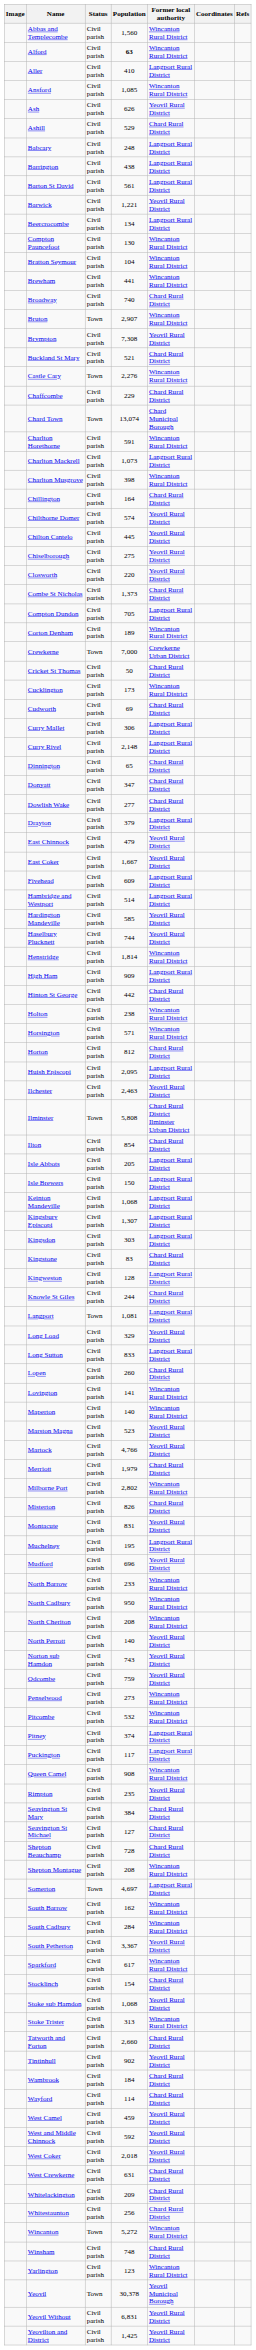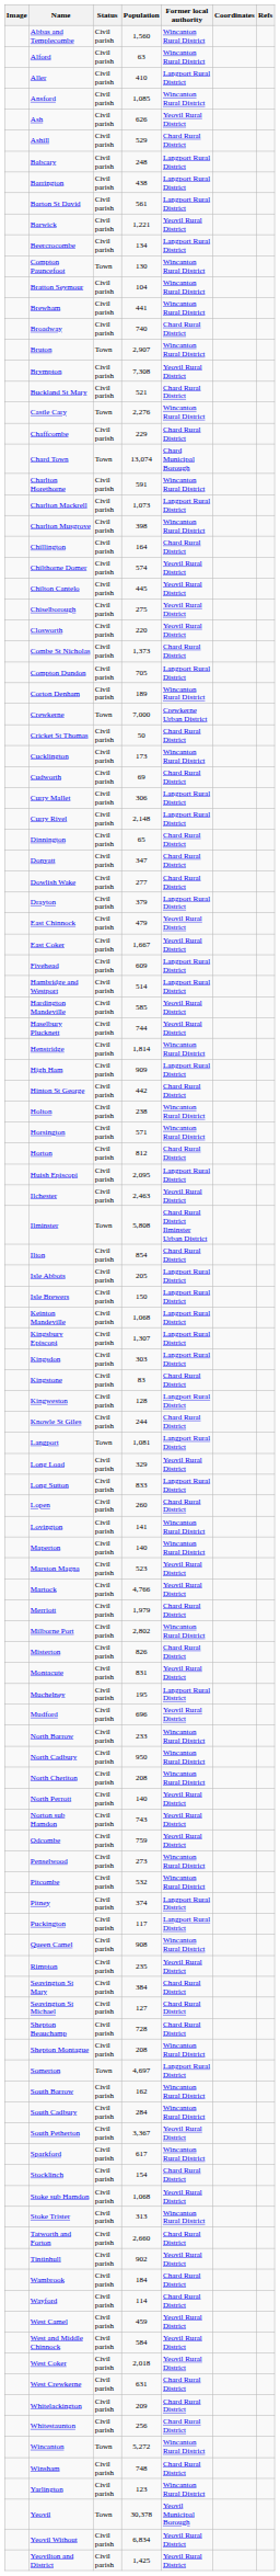 <table class="wikitable sortable" style="width:90%;">
 <tr>
 <th class="unsortable">Image</th>
 <th>Name</th>
 <th>Status</th>
 <th>Population</th>
 <th>Former local authority</th>
 <th class="unsortable">Coordinates</th>
 <th class="unsortable">Refs</th>
 </tr>
 <tr>
 <td></td>
 <td><a href='#'>Abbas and Templecombe</a></td>
 <td>Civil parish</td>
 <td style="text-align:center;">1,560</td>
 <td><a href='#'>Wincanton Rural District</a></td>
 <td></td>
 <td></td>
 </tr>
 <tr>
 <td></td>
 <td><a href='#'>Alford</a></td>
 <td>Civil parish</td>
-<td style="text-align:center;"><strong>63</strong></td>
+<td style="text-align:center;">63</td>
 <td><a href='#'>Wincanton Rural District</a></td>
 <td></td>
 <td></td>
 </tr>
 <tr>
 <td></td>
 <td><a href='#'>Aller</a></td>
 <td>Civil parish</td>
 <td style="text-align:center;">410</td>
 <td><a href='#'>Langport Rural District</a></td>
 <td></td>
 <td></td>
 </tr>
 <tr>
 <td></td>
 <td><a href='#'>Ansford</a></td>
 <td>Civil parish</td>
 <td style="text-align:center;">1,085</td>
 <td><a href='#'>Wincanton Rural District</a></td>
 <td></td>
 <td></td>
 </tr>
 <tr>
 <td></td>
 <td><a href='#'>Ash</a></td>
 <td>Civil parish</td>
 <td style="text-align:center;">626</td>
 <td><a href='#'>Yeovil Rural District</a></td>
 <td></td>
 <td></td>
 </tr>
 <tr>
 <td></td>
 <td><a href='#'>Ashill</a></td>
 <td>Civil parish</td>
 <td style="text-align:center;">529</td>
 <td><a href='#'>Chard Rural District</a></td>
 <td></td>
 <td></td>
 </tr>
 <tr>
 <td></td>
 <td><a href='#'>Babcary</a></td>
 <td>Civil parish</td>
 <td style="text-align:center;">248</td>
 <td><a href='#'>Langport Rural District</a></td>
 <td></td>
 <td></td>
 </tr>
 <tr>
 <td></td>
 <td><a href='#'>Barrington</a></td>
 <td>Civil parish</td>
 <td style="text-align:center;">438</td>
 <td><a href='#'>Langport Rural District</a></td>
 <td></td>
 <td></td>
 </tr>
 <tr>
 <td></td>
 <td><a href='#'>Barton St David</a></td>
 <td>Civil parish</td>
 <td style="text-align:center;">561</td>
 <td><a href='#'>Langport Rural District</a></td>
 <td></td>
 <td></td>
 </tr>
 <tr>
 <td></td>
 <td><a href='#'>Barwick</a></td>
 <td>Civil parish</td>
 <td style="text-align:center;">1,221</td>
 <td><a href='#'>Yeovil Rural District</a></td>
 <td></td>
 <td></td>
 </tr>
 <tr>
 <td></td>
 <td><a href='#'>Beercrocombe</a></td>
 <td>Civil parish</td>
 <td style="text-align:center;">134</td>
 <td><a href='#'>Langport Rural District</a></td>
 <td></td>
 <td></td>
 </tr>
 <tr>
 <td></td>
 <td><a href='#'>Compton Pauncefoot</a></td>
-<td>Civil parish</td>
+<td>Town</td>
 <td style="text-align:center;">130</td>
 <td><a href='#'>Wincanton Rural District</a></td>
 <td></td>
 <td></td>
 </tr>
 <tr>
 <td></td>
 <td><a href='#'>Bratton Seymour</a></td>
 <td>Civil parish</td>
 <td style="text-align:center;">104</td>
 <td><a href='#'>Wincanton Rural District</a></td>
 <td></td>
 <td></td>
 </tr>
 <tr>
 <td></td>
 <td><a href='#'>Brewham</a></td>
 <td>Civil parish</td>
 <td style="text-align:center;">441</td>
 <td><a href='#'>Wincanton Rural District</a></td>
 <td></td>
 <td></td>
 </tr>
 <tr>
 <td></td>
 <td><a href='#'>Broadway</a></td>
 <td>Civil parish</td>
 <td style="text-align:center;">740</td>
 <td><a href='#'>Chard Rural District</a></td>
 <td></td>
 <td></td>
 </tr>
 <tr>
 <td></td>
 <td><a href='#'>Bruton</a></td>
 <td>Town</td>
 <td style="text-align:center;">2,907</td>
 <td><a href='#'>Wincanton Rural District</a></td>
 <td></td>
 <td></td>
 </tr>
 <tr>
 <td></td>
 <td><a href='#'>Brympton</a></td>
 <td>Civil parish</td>
 <td style="text-align:center;">7,308</td>
 <td><a href='#'>Yeovil Rural District</a></td>
 <td></td>
 <td></td>
 </tr>
 <tr>
 <td></td>
 <td><a href='#'>Buckland St Mary</a></td>
 <td>Civil parish</td>
 <td style="text-align:center;">521</td>
 <td><a href='#'>Chard Rural District</a></td>
 <td></td>
 <td></td>
 </tr>
 <tr>
 <td></td>
 <td><a href='#'>Castle Cary</a></td>
 <td>Town</td>
 <td style="text-align:center;">2,276</td>
 <td><a href='#'>Wincanton Rural District</a></td>
 <td></td>
 <td></td>
 </tr>
 <tr>
 <td></td>
 <td><a href='#'>Chaffcombe</a></td>
 <td>Civil parish</td>
 <td style="text-align:center;">229</td>
 <td><a href='#'>Chard Rural District</a></td>
 <td></td>
 <td></td>
 </tr>
 <tr>
 <td></td>
 <td><a href='#'>Chard Town</a></td>
 <td>Town</td>
 <td style="text-align:center;">13,074</td>
 <td><a href='#'>Chard Municipal Borough</a></td>
 <td></td>
 <td></td>
 </tr>
 <tr>
 <td></td>
 <td><a href='#'>Charlton Horethorne</a></td>
 <td>Civil parish</td>
 <td style="text-align:center;">591</td>
 <td><a href='#'>Wincanton Rural District</a></td>
 <td></td>
 <td></td>
 </tr>
 <tr>
 <td></td>
 <td><a href='#'>Charlton Mackrell</a></td>
 <td>Civil parish</td>
 <td style="text-align:center;">1,073</td>
 <td><a href='#'>Langport Rural District</a></td>
 <td></td>
 <td></td>
 </tr>
 <tr>
 <td></td>
 <td><a href='#'>Charlton Musgrove</a></td>
 <td>Civil parish</td>
 <td style="text-align:center;">398</td>
 <td><a href='#'>Wincanton Rural District</a></td>
 <td></td>
 <td></td>
 </tr>
 <tr>
 <td></td>
 <td><a href='#'>Chillington</a></td>
 <td>Civil parish</td>
 <td style="text-align:center;">164</td>
 <td><a href='#'>Chard Rural District</a></td>
 <td></td>
 <td></td>
 </tr>
 <tr>
 <td></td>
 <td><a href='#'>Chilthorne Domer</a></td>
 <td>Civil parish</td>
 <td style="text-align:center;">574</td>
 <td><a href='#'>Yeovil Rural District</a></td>
 <td></td>
 <td></td>
 </tr>
 <tr>
 <td></td>
 <td><a href='#'>Chilton Cantelo</a></td>
 <td>Civil parish</td>
 <td style="text-align:center;">445</td>
 <td><a href='#'>Yeovil Rural District</a></td>
 <td></td>
 <td></td>
 </tr>
 <tr>
 <td></td>
 <td><a href='#'>Chiselborough</a></td>
 <td>Civil parish</td>
 <td style="text-align:center;">275</td>
 <td><a href='#'>Yeovil Rural District</a></td>
 <td></td>
 <td></td>
 </tr>
 <tr>
 <td></td>
 <td><a href='#'>Closworth</a></td>
 <td>Civil parish</td>
 <td style="text-align:center;">220</td>
 <td><a href='#'>Yeovil Rural District</a></td>
 <td></td>
 <td></td>
 </tr>
 <tr>
 <td></td>
 <td><a href='#'>Combe St Nicholas</a></td>
 <td>Civil parish</td>
 <td style="text-align:center;">1,373</td>
 <td><a href='#'>Chard Rural District</a></td>
 <td></td>
 <td></td>
 </tr>
 <tr>
 <td></td>
 <td><a href='#'>Compton Dundon</a></td>
 <td>Civil parish</td>
 <td style="text-align:center;">705</td>
 <td><a href='#'>Langport Rural District</a></td>
 <td></td>
 <td></td>
 </tr>
 <tr>
 <td></td>
 <td><a href='#'>Corton Denham</a></td>
 <td>Civil parish</td>
 <td style="text-align:center;">189</td>
 <td><a href='#'>Wincanton Rural District</a></td>
 <td></td>
 <td></td>
 </tr>
 <tr>
 <td></td>
 <td><a href='#'>Crewkerne</a></td>
 <td>Town</td>
 <td style="text-align:center;">7,000</td>
 <td><a href='#'>Crewkerne Urban District</a></td>
 <td></td>
 <td></td>
 </tr>
 <tr>
 <td></td>
 <td><a href='#'>Cricket St Thomas</a></td>
 <td>Civil parish</td>
 <td style="text-align:center;">50</td>
 <td><a href='#'>Chard Rural District</a></td>
 <td></td>
 <td></td>
 </tr>
 <tr>
 <td></td>
 <td><a href='#'>Cucklington</a></td>
 <td>Civil parish</td>
 <td style="text-align:center;">173</td>
 <td><a href='#'>Wincanton Rural District</a></td>
 <td></td>
 <td></td>
 </tr>
 <tr>
 <td></td>
 <td><a href='#'>Cudworth</a></td>
 <td>Civil parish</td>
 <td style="text-align:center;">69</td>
 <td><a href='#'>Chard Rural District</a></td>
 <td></td>
 <td></td>
 </tr>
 <tr>
 <td></td>
 <td><a href='#'>Curry Mallet</a></td>
 <td>Civil parish</td>
 <td style="text-align:center;">306</td>
 <td><a href='#'>Langport Rural District</a></td>
 <td></td>
 <td></td>
 </tr>
 <tr>
 <td></td>
 <td><a href='#'>Curry Rivel</a></td>
 <td>Civil parish</td>
 <td style="text-align:center;">2,148</td>
 <td><a href='#'>Langport Rural District</a></td>
 <td></td>
 <td></td>
 </tr>
 <tr>
 <td></td>
 <td><a href='#'>Dinnington</a></td>
 <td>Civil parish</td>
 <td style="text-align:center;">65</td>
 <td><a href='#'>Chard Rural District</a></td>
 <td></td>
 <td></td>
 </tr>
 <tr>
 <td></td>
 <td><a href='#'>Donyatt</a></td>
 <td>Civil parish</td>
 <td style="text-align:center;">347</td>
 <td><a href='#'>Chard Rural District</a></td>
 <td></td>
 <td></td>
 </tr>
 <tr>
 <td></td>
 <td><a href='#'>Dowlish Wake</a></td>
 <td>Civil parish</td>
 <td style="text-align:center;">277</td>
 <td><a href='#'>Chard Rural District</a></td>
 <td></td>
 <td></td>
 </tr>
 <tr>
 <td></td>
 <td><a href='#'>Drayton</a></td>
 <td>Civil parish</td>
 <td style="text-align:center;">379</td>
 <td><a href='#'>Langport Rural District</a></td>
 <td></td>
 <td></td>
 </tr>
 <tr>
 <td></td>
 <td><a href='#'>East Chinnock</a></td>
 <td>Civil parish</td>
 <td style="text-align:center;">479</td>
 <td><a href='#'>Yeovil Rural District</a></td>
 <td></td>
 <td></td>
 </tr>
 <tr>
 <td></td>
 <td><a href='#'>East Coker</a></td>
 <td>Civil parish</td>
 <td style="text-align:center;">1,667</td>
 <td><a href='#'>Yeovil Rural District</a></td>
 <td></td>
 <td></td>
 </tr>
 <tr>
 <td></td>
 <td><a href='#'>Fivehead</a></td>
 <td>Civil parish</td>
 <td style="text-align:center;">609</td>
 <td><a href='#'>Langport Rural District</a></td>
 <td></td>
 <td></td>
 </tr>
 <tr>
 <td></td>
 <td><a href='#'>Hambridge and Westport</a></td>
 <td>Civil parish</td>
 <td style="text-align:center;">514</td>
 <td><a href='#'>Langport Rural District</a></td>
 <td></td>
 <td></td>
 </tr>
 <tr>
 <td></td>
 <td><a href='#'>Hardington Mandeville</a></td>
 <td>Civil parish</td>
 <td style="text-align:center;">585</td>
 <td><a href='#'>Yeovil Rural District</a></td>
 <td></td>
 <td></td>
 </tr>
 <tr>
 <td></td>
 <td><a href='#'>Haselbury Plucknett</a></td>
 <td>Civil parish</td>
 <td style="text-align:center;">744</td>
 <td><a href='#'>Yeovil Rural District</a></td>
 <td></td>
 <td></td>
 </tr>
 <tr>
 <td></td>
 <td><a href='#'>Henstridge</a></td>
 <td>Civil parish</td>
 <td style="text-align:center;">1,814</td>
 <td><a href='#'>Wincanton Rural District</a></td>
 <td></td>
 <td></td>
 </tr>
 <tr>
 <td></td>
 <td><a href='#'>High Ham</a></td>
 <td>Civil parish</td>
 <td style="text-align:center;">909</td>
 <td><a href='#'>Langport Rural District</a></td>
 <td></td>
 <td></td>
 </tr>
 <tr>
 <td></td>
 <td><a href='#'>Hinton St George</a></td>
 <td>Civil parish</td>
 <td style="text-align:center;">442</td>
 <td><a href='#'>Chard Rural District</a></td>
 <td></td>
 <td></td>
 </tr>
 <tr>
 <td></td>
 <td><a href='#'>Holton</a></td>
 <td>Civil parish</td>
 <td style="text-align:center;">238</td>
 <td><a href='#'>Wincanton Rural District</a></td>
 <td></td>
 <td></td>
 </tr>
 <tr>
 <td></td>
 <td><a href='#'>Horsington</a></td>
 <td>Civil parish</td>
 <td style="text-align:center;">571</td>
 <td><a href='#'>Wincanton Rural District</a></td>
 <td></td>
 <td></td>
 </tr>
 <tr>
 <td></td>
 <td><a href='#'>Horton</a></td>
 <td>Civil parish</td>
 <td style="text-align:center;">812</td>
 <td><a href='#'>Chard Rural District</a></td>
 <td></td>
 <td></td>
 </tr>
 <tr>
 <td></td>
 <td><a href='#'>Huish Episcopi</a></td>
 <td>Civil parish</td>
 <td style="text-align:center;">2,095</td>
 <td><a href='#'>Langport Rural District</a></td>
 <td></td>
 <td></td>
 </tr>
 <tr>
 <td></td>
 <td><a href='#'>Ilchester</a></td>
 <td>Civil parish</td>
 <td style="text-align:center;">2,463</td>
 <td><a href='#'>Yeovil Rural District</a></td>
 <td></td>
 <td></td>
 </tr>
 <tr>
 <td></td>
 <td><a href='#'>Ilminster</a></td>
 <td>Town</td>
 <td style="text-align:center;">5,808</td>
 <td><a href='#'>Chard Rural District</a><br><a href='#'>Ilminster Urban District</a></td>
 <td></td>
 <td></td>
 </tr>
 <tr>
 <td></td>
 <td><a href='#'>Ilton</a></td>
 <td>Civil parish</td>
 <td style="text-align:center;">854</td>
 <td><a href='#'>Chard Rural District</a></td>
 <td></td>
 <td></td>
 </tr>
 <tr>
 <td></td>
 <td><a href='#'>Isle Abbots</a></td>
 <td>Civil parish</td>
 <td style="text-align:center;">205</td>
 <td><a href='#'>Langport Rural District</a></td>
 <td></td>
 <td></td>
 </tr>
 <tr>
 <td></td>
 <td><a href='#'>Isle Brewers</a></td>
 <td>Civil parish</td>
 <td style="text-align:center;">150</td>
 <td><a href='#'>Langport Rural District</a></td>
 <td></td>
 <td></td>
 </tr>
 <tr>
 <td></td>
 <td><a href='#'>Keinton Mandeville</a></td>
 <td>Civil parish</td>
 <td style="text-align:center;">1,068</td>
 <td><a href='#'>Langport Rural District</a></td>
 <td></td>
 <td></td>
 </tr>
 <tr>
 <td></td>
 <td><a href='#'>Kingsbury Episcopi</a></td>
 <td>Civil parish</td>
 <td style="text-align:center;">1,307</td>
 <td><a href='#'>Langport Rural District</a></td>
 <td></td>
 <td></td>
 </tr>
 <tr>
 <td></td>
 <td><a href='#'>Kingsdon</a></td>
 <td>Civil parish</td>
 <td style="text-align:center;">303</td>
 <td><a href='#'>Langport Rural District</a></td>
 <td></td>
 <td></td>
 </tr>
 <tr>
 <td></td>
 <td><a href='#'>Kingstone</a></td>
 <td>Civil parish</td>
 <td style="text-align:center;">83</td>
 <td><a href='#'>Chard Rural District</a></td>
 <td></td>
 <td></td>
 </tr>
 <tr>
 <td></td>
 <td><a href='#'>Kingweston</a></td>
 <td>Civil parish</td>
 <td style="text-align:center;">128</td>
 <td><a href='#'>Langport Rural District</a></td>
 <td></td>
 <td></td>
 </tr>
 <tr>
 <td></td>
 <td><a href='#'>Knowle St Giles</a></td>
 <td>Civil parish</td>
 <td style="text-align:center;">244</td>
 <td><a href='#'>Chard Rural District</a></td>
 <td></td>
 <td></td>
 </tr>
 <tr>
 <td></td>
 <td><a href='#'>Langport</a></td>
 <td>Town</td>
 <td style="text-align:center;">1,081</td>
 <td><a href='#'>Langport Rural District</a></td>
 <td></td>
 <td></td>
 </tr>
 <tr>
 <td></td>
 <td><a href='#'>Long Load</a></td>
 <td>Civil parish</td>
 <td style="text-align:center;">329</td>
 <td><a href='#'>Yeovil Rural District</a></td>
 <td></td>
 <td></td>
 </tr>
 <tr>
 <td></td>
 <td><a href='#'>Long Sutton</a></td>
 <td>Civil parish</td>
 <td style="text-align:center;">833</td>
 <td><a href='#'>Langport Rural District</a></td>
 <td></td>
 <td></td>
 </tr>
 <tr>
 <td></td>
 <td><a href='#'>Lopen</a></td>
 <td>Civil parish</td>
 <td style="text-align:center;">260</td>
 <td><a href='#'>Chard Rural District</a></td>
 <td></td>
 <td></td>
 </tr>
 <tr>
 <td></td>
 <td><a href='#'>Lovington</a></td>
 <td>Civil parish</td>
 <td style="text-align:center;">141</td>
 <td><a href='#'>Wincanton Rural District</a></td>
 <td></td>
 <td></td>
 </tr>
 <tr>
 <td></td>
 <td><a href='#'>Maperton</a></td>
 <td>Civil parish</td>
 <td style="text-align:center;">140</td>
 <td><a href='#'>Wincanton Rural District</a></td>
 <td></td>
 <td></td>
 </tr>
 <tr>
 <td></td>
 <td><a href='#'>Marston Magna</a></td>
 <td>Civil parish</td>
 <td style="text-align:center;">523</td>
 <td><a href='#'>Yeovil Rural District</a></td>
 <td></td>
 <td></td>
 </tr>
 <tr>
 <td></td>
 <td><a href='#'>Martock</a></td>
 <td>Civil parish</td>
 <td style="text-align:center;">4,766</td>
 <td><a href='#'>Yeovil Rural District</a></td>
 <td></td>
 <td></td>
 </tr>
 <tr>
 <td></td>
 <td><a href='#'>Merriott</a></td>
 <td>Civil parish</td>
 <td style="text-align:center;">1,979</td>
 <td><a href='#'>Chard Rural District</a></td>
 <td></td>
 <td></td>
 </tr>
 <tr>
 <td></td>
 <td><a href='#'>Milborne Port</a></td>
 <td>Civil parish</td>
 <td style="text-align:center;">2,802</td>
 <td><a href='#'>Wincanton Rural District</a></td>
 <td></td>
 <td></td>
 </tr>
 <tr>
 <td></td>
 <td><a href='#'>Misterton</a></td>
 <td>Civil parish</td>
 <td style="text-align:center;">826</td>
 <td><a href='#'>Chard Rural District</a></td>
 <td></td>
 <td></td>
 </tr>
 <tr>
 <td></td>
 <td><a href='#'>Montacute</a></td>
 <td>Civil parish</td>
 <td style="text-align:center;">831</td>
 <td><a href='#'>Yeovil Rural District</a></td>
 <td></td>
 <td></td>
 </tr>
 <tr>
 <td></td>
 <td><a href='#'>Muchelney</a></td>
 <td>Civil parish</td>
 <td style="text-align:center;">195</td>
 <td><a href='#'>Langport Rural District</a></td>
 <td></td>
 <td></td>
 </tr>
 <tr>
 <td></td>
 <td><a href='#'>Mudford</a></td>
 <td>Civil parish</td>
 <td style="text-align:center;">696</td>
 <td><a href='#'>Yeovil Rural District</a></td>
 <td></td>
 <td></td>
 </tr>
 <tr>
 <td></td>
 <td><a href='#'>North Barrow</a></td>
 <td>Civil parish</td>
 <td style="text-align:center;">233</td>
 <td><a href='#'>Wincanton Rural District</a></td>
 <td></td>
 <td></td>
 </tr>
 <tr>
 <td></td>
 <td><a href='#'>North Cadbury</a></td>
 <td>Civil parish</td>
 <td style="text-align:center;">950</td>
 <td><a href='#'>Wincanton Rural District</a></td>
 <td></td>
 <td></td>
 </tr>
 <tr>
 <td></td>
 <td><a href='#'>North Cheriton</a></td>
 <td>Civil parish</td>
 <td style="text-align:center;">208</td>
 <td><a href='#'>Wincanton Rural District</a></td>
 <td></td>
 <td></td>
 </tr>
 <tr>
 <td></td>
 <td><a href='#'>North Perrott</a></td>
 <td>Civil parish</td>
 <td style="text-align:center;">140</td>
 <td><a href='#'>Yeovil Rural District</a></td>
 <td></td>
 <td></td>
 </tr>
 <tr>
 <td></td>
 <td><a href='#'>Norton sub Hamdon</a></td>
 <td>Civil parish</td>
 <td style="text-align:center;">743</td>
 <td><a href='#'>Yeovil Rural District</a></td>
 <td></td>
 <td></td>
 </tr>
 <tr>
 <td></td>
 <td><a href='#'>Odcombe</a></td>
 <td>Civil parish</td>
 <td style="text-align:center;">759</td>
 <td><a href='#'>Yeovil Rural District</a></td>
 <td></td>
 <td></td>
 </tr>
 <tr>
 <td></td>
 <td><a href='#'>Penselwood</a></td>
 <td>Civil parish</td>
 <td style="text-align:center;">273</td>
 <td><a href='#'>Wincanton Rural District</a></td>
 <td></td>
 <td></td>
 </tr>
 <tr>
 <td></td>
 <td><a href='#'>Pitcombe</a></td>
 <td>Civil parish</td>
 <td style="text-align:center;">532</td>
 <td><a href='#'>Wincanton Rural District</a></td>
 <td></td>
 <td></td>
 </tr>
 <tr>
 <td></td>
 <td><a href='#'>Pitney</a></td>
 <td>Civil parish</td>
 <td style="text-align:center;">374</td>
 <td><a href='#'>Langport Rural District</a></td>
 <td></td>
 <td></td>
 </tr>
 <tr>
 <td></td>
 <td><a href='#'>Puckington</a></td>
 <td>Civil parish</td>
 <td style="text-align:center;">117</td>
 <td><a href='#'>Langport Rural District</a></td>
 <td></td>
 <td></td>
 </tr>
 <tr>
 <td></td>
 <td><a href='#'>Queen Camel</a></td>
 <td>Civil parish</td>
 <td style="text-align:center;">908</td>
 <td><a href='#'>Wincanton Rural District</a></td>
 <td></td>
 <td></td>
 </tr>
 <tr>
 <td></td>
 <td><a href='#'>Rimpton</a></td>
 <td>Civil parish</td>
 <td style="text-align:center;">235</td>
 <td><a href='#'>Yeovil Rural District</a></td>
 <td></td>
 <td></td>
 </tr>
 <tr>
 <td></td>
 <td><a href='#'>Seavington St Mary</a></td>
 <td>Civil parish</td>
 <td style="text-align:center;">384</td>
 <td><a href='#'>Chard Rural District</a></td>
 <td></td>
 <td></td>
 </tr>
 <tr>
 <td></td>
 <td><a href='#'>Seavington St Michael</a></td>
 <td>Civil parish</td>
 <td style="text-align:center;">127</td>
 <td><a href='#'>Chard Rural District</a></td>
 <td></td>
 <td></td>
 </tr>
 <tr>
 <td></td>
 <td><a href='#'>Shepton Beauchamp</a></td>
 <td>Civil parish</td>
 <td style="text-align:center;">728</td>
 <td><a href='#'>Chard Rural District</a></td>
 <td></td>
 <td></td>
 </tr>
 <tr>
 <td></td>
 <td><a href='#'>Shepton Montague</a></td>
 <td>Civil parish</td>
 <td style="text-align:center;">208</td>
 <td><a href='#'>Wincanton Rural District</a></td>
 <td></td>
 <td></td>
 </tr>
 <tr>
 <td></td>
 <td><a href='#'>Somerton</a></td>
 <td>Town</td>
 <td style="text-align:center;">4,697</td>
 <td><a href='#'>Langport Rural District</a></td>
 <td></td>
 <td></td>
 </tr>
 <tr>
 <td></td>
 <td><a href='#'>South Barrow</a></td>
 <td>Civil parish</td>
 <td style="text-align:center;">162</td>
 <td><a href='#'>Wincanton Rural District</a></td>
 <td></td>
 <td></td>
 </tr>
 <tr>
 <td></td>
 <td><a href='#'>South Cadbury</a></td>
 <td>Civil parish</td>
 <td style="text-align:center;">284</td>
 <td><a href='#'>Wincanton Rural District</a></td>
 <td></td>
 <td></td>
 </tr>
 <tr>
 <td></td>
 <td><a href='#'>South Petherton</a></td>
 <td>Civil parish</td>
 <td style="text-align:center;">3,367</td>
 <td><a href='#'>Yeovil Rural District</a></td>
 <td></td>
 <td></td>
 </tr>
 <tr>
 <td></td>
 <td><a href='#'>Sparkford</a></td>
 <td>Civil parish</td>
 <td style="text-align:center;">617</td>
 <td><a href='#'>Wincanton Rural District</a></td>
 <td></td>
 <td></td>
 </tr>
 <tr>
 <td></td>
 <td><a href='#'>Stocklinch</a></td>
 <td>Civil parish</td>
 <td style="text-align:center;">154</td>
 <td><a href='#'>Chard Rural District</a></td>
 <td></td>
 <td></td>
 </tr>
 <tr>
 <td></td>
 <td><a href='#'>Stoke sub Hamdon</a></td>
 <td>Civil parish</td>
 <td style="text-align:center;">1,068</td>
 <td><a href='#'>Yeovil Rural District</a></td>
 <td></td>
 <td></td>
 </tr>
 <tr>
 <td></td>
 <td><a href='#'>Stoke Trister</a></td>
 <td>Civil parish</td>
 <td style="text-align:center;">313</td>
 <td><a href='#'>Wincanton Rural District</a></td>
 <td></td>
 <td></td>
 </tr>
 <tr>
 <td></td>
 <td><a href='#'>Tatworth and Forton</a></td>
 <td>Civil parish</td>
 <td style="text-align:center;">2,660</td>
 <td><a href='#'>Chard Rural District</a></td>
 <td></td>
 <td></td>
 </tr>
 <tr>
 <td></td>
 <td><a href='#'>Tintinhull</a></td>
 <td>Civil parish</td>
 <td style="text-align:center;">902</td>
 <td><a href='#'>Yeovil Rural District</a></td>
 <td></td>
 <td></td>
 </tr>
 <tr>
 <td></td>
 <td><a href='#'>Wambrook</a></td>
 <td>Civil parish</td>
 <td style="text-align:center;">184</td>
 <td><a href='#'>Chard Rural District</a></td>
 <td></td>
 <td></td>
 </tr>
 <tr>
 <td></td>
 <td><a href='#'>Wayford</a></td>
 <td>Civil parish</td>
 <td style="text-align:center;">114</td>
 <td><a href='#'>Chard Rural District</a></td>
 <td></td>
 <td></td>
 </tr>
 <tr>
 <td></td>
 <td><a href='#'>West Camel</a></td>
 <td>Civil parish</td>
 <td style="text-align:center;">459</td>
 <td><a href='#'>Yeovil Rural District</a></td>
 <td></td>
 <td></td>
 </tr>
 <tr>
 <td></td>
 <td><a href='#'>West and Middle Chinnock</a></td>
 <td>Civil parish</td>
-<td style="text-align:center;">592</td>
+<td style="text-align:center;">584</td>
 <td><a href='#'>Yeovil Rural District</a></td>
 <td></td>
 <td></td>
 </tr>
 <tr>
 <td></td>
 <td><a href='#'>West Coker</a></td>
 <td>Civil parish</td>
 <td style="text-align:center;">2,018</td>
 <td><a href='#'>Yeovil Rural District</a></td>
 <td></td>
 <td></td>
 </tr>
 <tr>
 <td></td>
 <td><a href='#'>West Crewkerne</a></td>
 <td>Civil parish</td>
 <td style="text-align:center;">631</td>
 <td><a href='#'>Chard Rural District</a></td>
 <td></td>
 <td></td>
 </tr>
 <tr>
 <td></td>
 <td><a href='#'>Whitelackington</a></td>
 <td>Civil parish</td>
 <td style="text-align:center;">209</td>
 <td><a href='#'>Chard Rural District</a></td>
 <td></td>
 <td></td>
 </tr>
 <tr>
 <td></td>
 <td><a href='#'>Whitestaunton</a></td>
 <td>Civil parish</td>
 <td style="text-align:center;">256</td>
 <td><a href='#'>Chard Rural District</a></td>
 <td></td>
 <td></td>
 </tr>
 <tr>
 <td></td>
 <td><a href='#'>Wincanton</a></td>
 <td>Town</td>
 <td style="text-align:center;">5,272</td>
 <td><a href='#'>Wincanton Rural District</a></td>
 <td></td>
 <td></td>
 </tr>
 <tr>
 <td></td>
 <td><a href='#'>Winsham</a></td>
 <td>Civil parish</td>
 <td style="text-align:center;">748</td>
 <td><a href='#'>Chard Rural District</a></td>
 <td></td>
 <td></td>
 </tr>
 <tr>
 <td></td>
 <td><a href='#'>Yarlington</a></td>
 <td>Civil parish</td>
 <td style="text-align:center;">123</td>
 <td><a href='#'>Wincanton Rural District</a></td>
 <td></td>
 <td></td>
 </tr>
 <tr>
 <td></td>
 <td><a href='#'>Yeovil</a></td>
 <td>Town</td>
 <td style="text-align:center;">30,378</td>
 <td><a href='#'>Yeovil Municipal Borough</a></td>
 <td></td>
 <td></td>
 </tr>
 <tr>
 <td></td>
 <td><a href='#'>Yeovil Without</a></td>
 <td>Civil parish</td>
-<td style="text-align:center;">6,831</td>
+<td style="text-align:center;">6,834</td>
 <td><a href='#'>Yeovil Rural District</a></td>
 <td></td>
 <td></td>
 </tr>
 <tr>
 <td></td>
 <td><a href='#'>Yeovilton and District</a></td>
 <td>Civil parish</td>
 <td style="text-align:center;">1,425</td>
 <td><a href='#'>Yeovil Rural District</a></td>
 <td></td>
 <td></td>
 </tr>
 </table>
